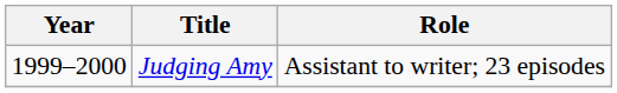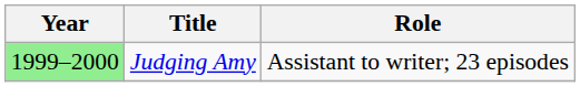 <table class="wikitable soartable">
 <tr>
 <th>Year</th>
 <th>Title</th>
 <th>Role</th>
 </tr>
 <tr>
-<td>1999–2000</td>
+<td style="background: lightgreen;">1999–2000</td>
 <td><em><a href='#'>Judging Amy</a></em></td>
 <td>Assistant to writer; 23 episodes</td>
 </tr>
 <tr>
 </tr>
 </table>
